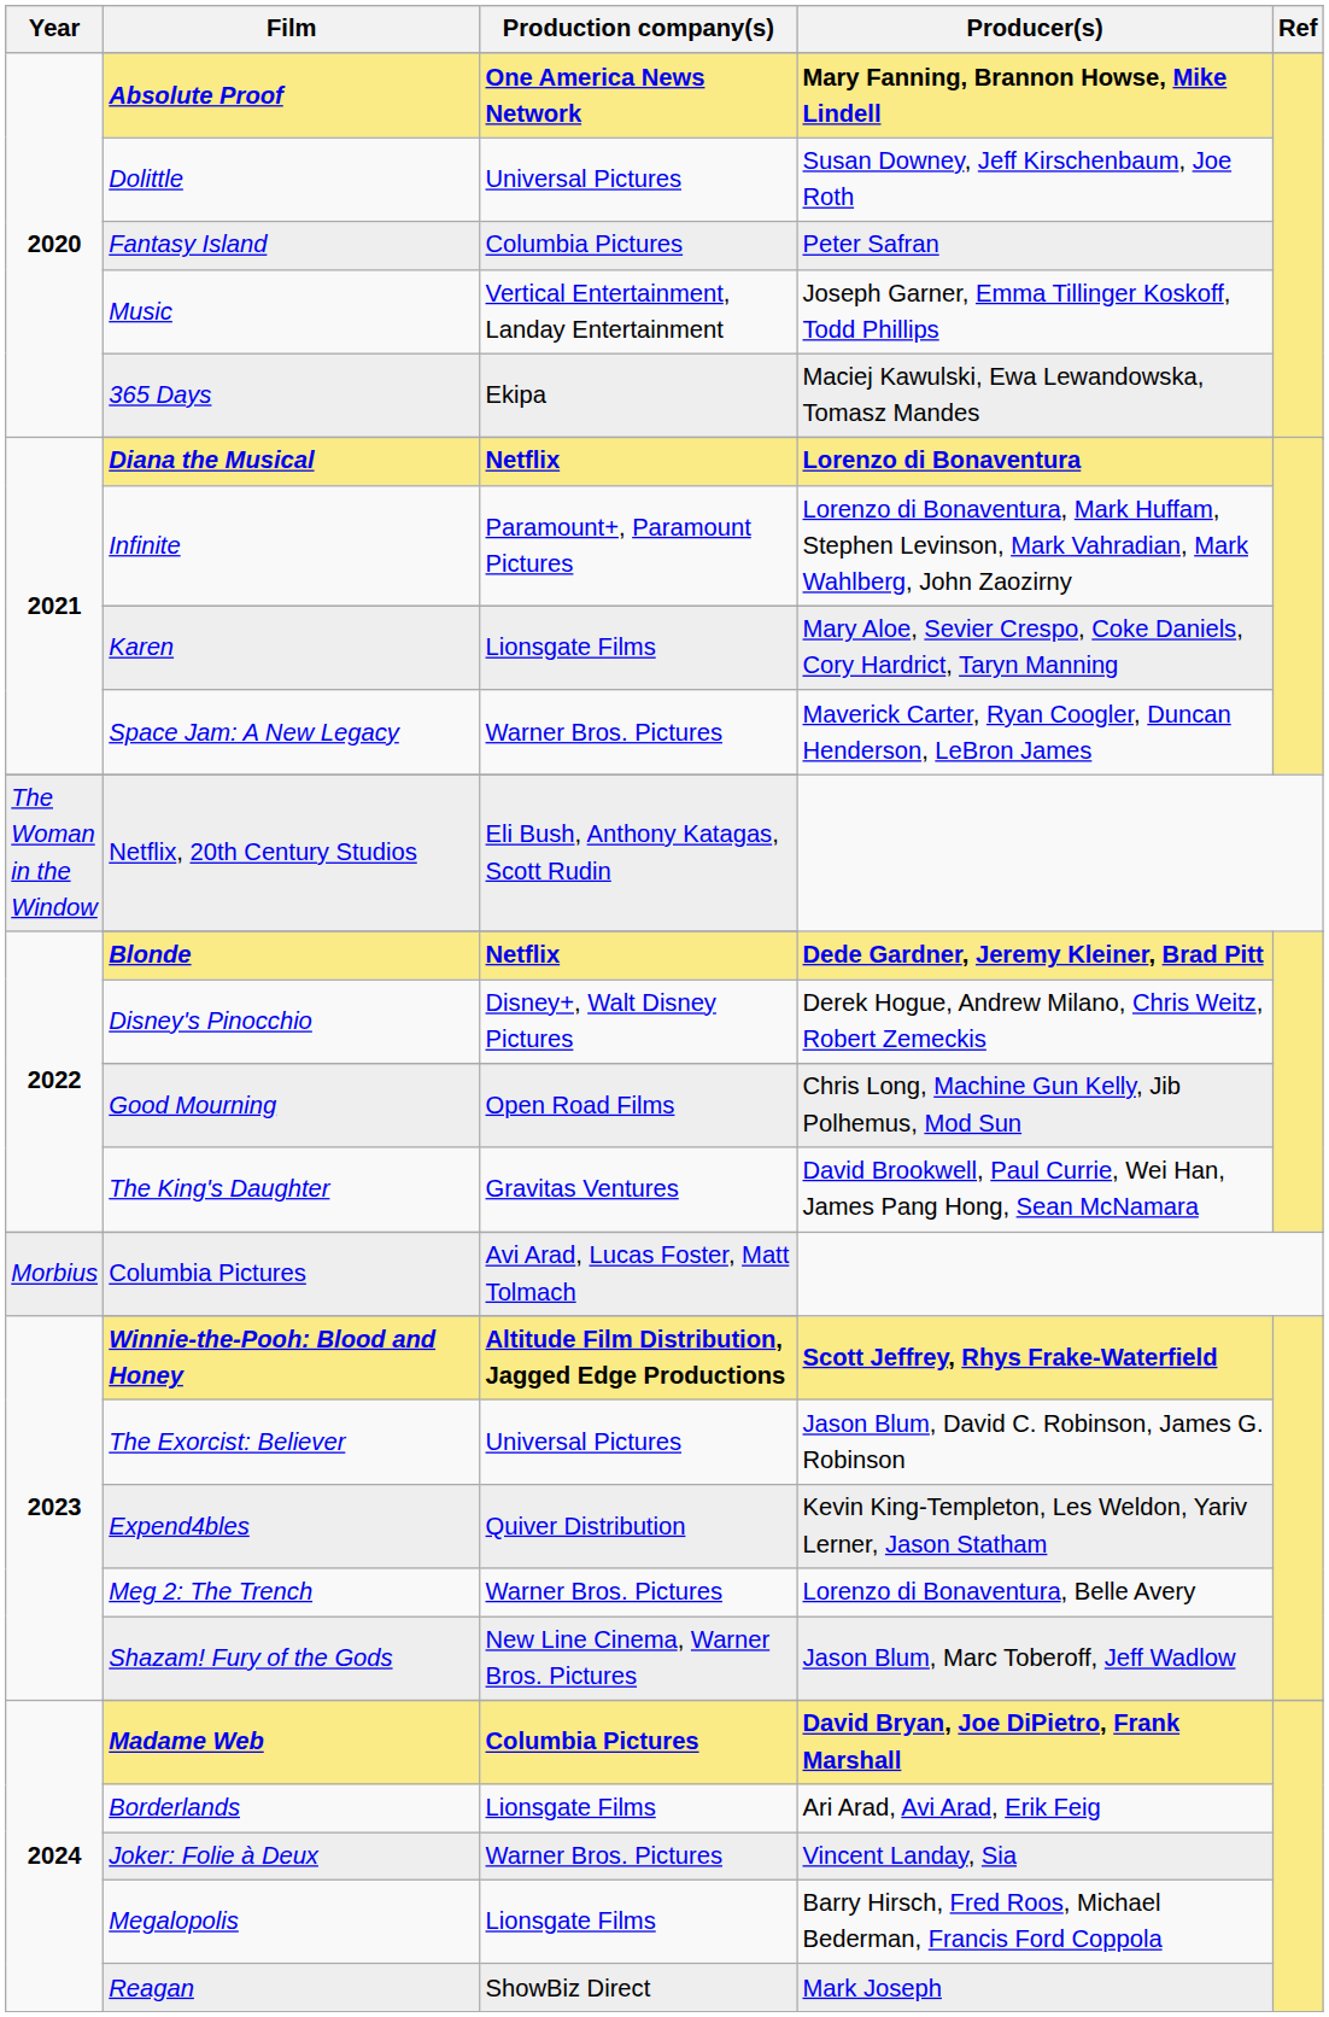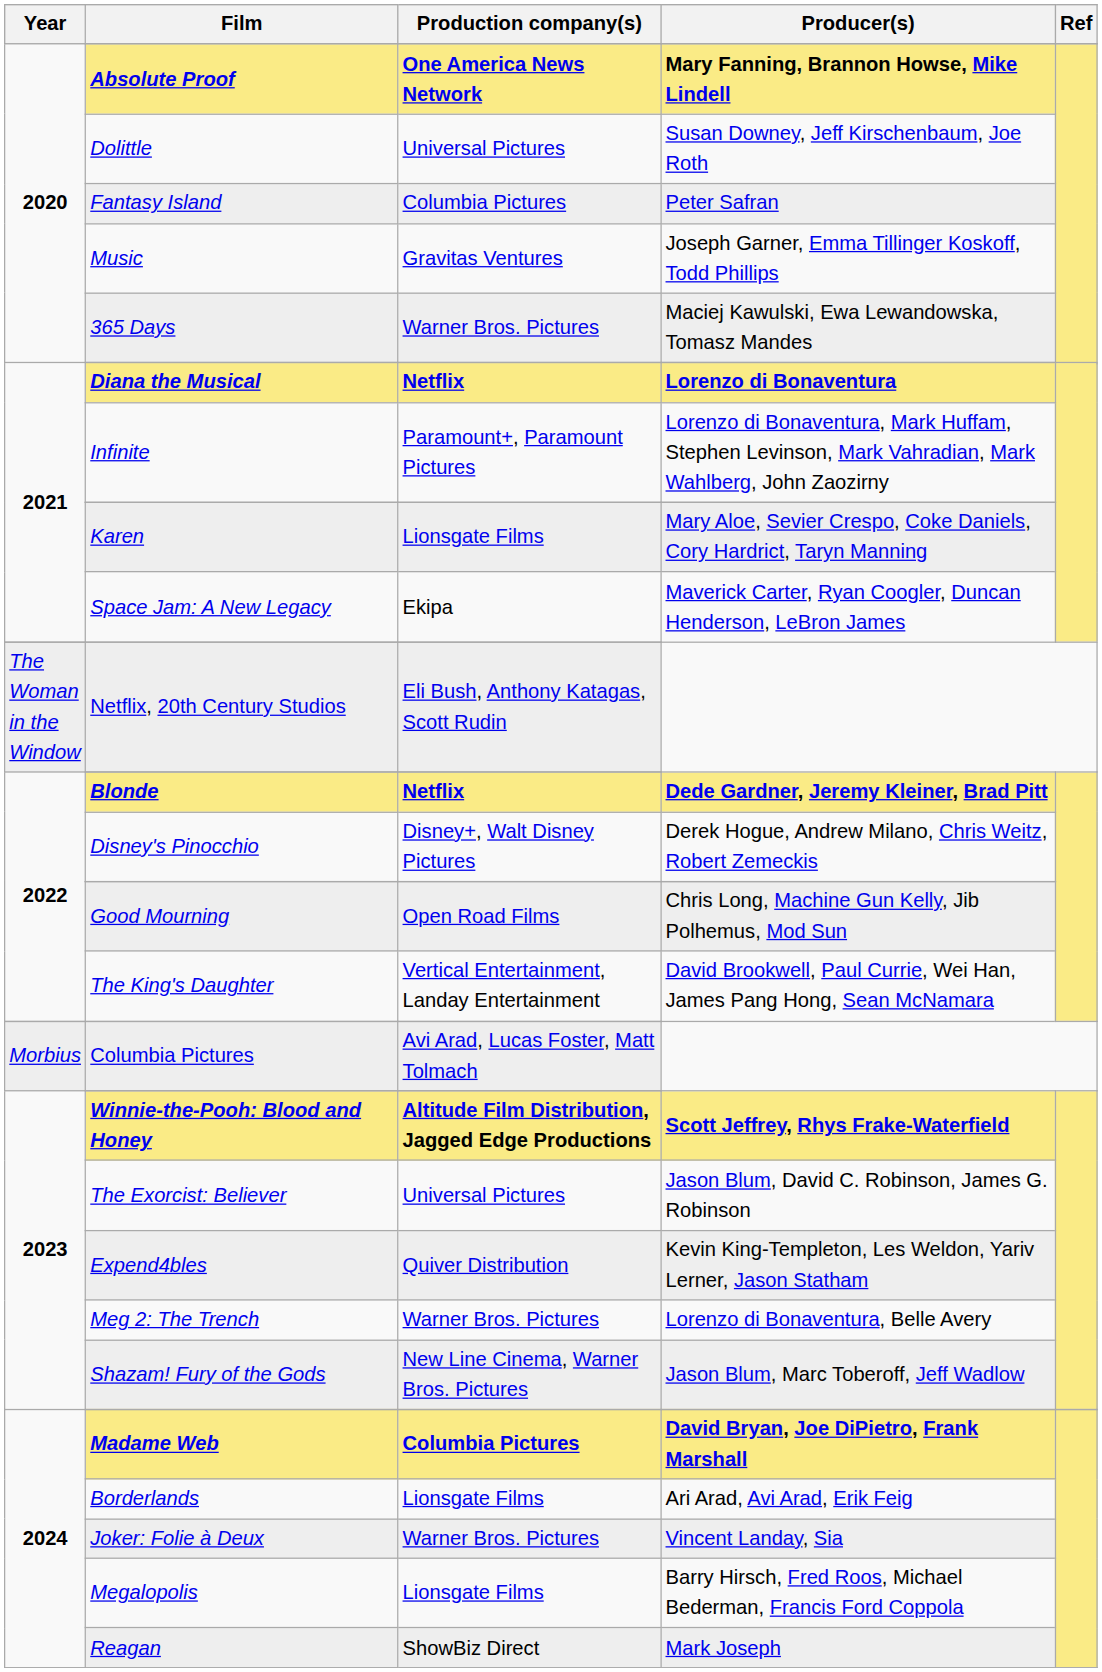 <table class="wikitable sortable" style="font-size:1.00em; line-height:1.5em;">
 <tr bgcolor="#bebebe">
 <th style="width:7%;">Year</th>
 <th style="width:30%;">Film</th>
 <th style="width:25%;">Production company(s)</th>
 <th style="width:40%;">Producer(s)</th>
 <th style="width:10%;">Ref</th>
 </tr>
 <tr>
 <td rowspan=6 style="text-align:center"><strong>2020</strong><br></td>
 </tr>
 <tr style="background:#FAEB86">
 <td><strong><em><a href='#'>Absolute Proof</a></em></strong></td>
 <td><strong><a href='#'>One America News Network</a></strong></td>
 <td><strong>Mary Fanning, Brannon Howse, <a href='#'>Mike Lindell</a></strong></td>
 <td rowspan=6></td>
 </tr>
 <tr>
 <td><em><a href='#'>Dolittle</a></em></td>
 <td><a href='#'>Universal Pictures</a></td>
 <td><a href='#'>Susan Downey</a>, <a href='#'>Jeff Kirschenbaum</a>, <a href='#'>Joe Roth</a></td>
 </tr>
 <tr style="background:#eee;">
 <td><em><a href='#'>Fantasy Island</a></em></td>
 <td><a href='#'>Columbia Pictures</a></td>
 <td><a href='#'>Peter Safran</a></td>
 </tr>
 <tr>
 <td><em><a href='#'>Music</a></em></td>
-<td><a href='#'>Vertical Entertainment</a>, Landay Entertainment</td>
+<td><a href='#'>Gravitas Ventures</a></td>
 <td>Joseph Garner, <a href='#'>Emma Tillinger Koskoff</a>, <a href='#'>Todd Phillips</a></td>
 </tr>
 <tr style="background:#eee;">
 <td><em><a href='#'>365 Days</a></em></td>
-<td>Ekipa</td>
+<td><a href='#'>Warner Bros. Pictures</a></td>
 <td>Maciej Kawulski, Ewa Lewandowska, Tomasz Mandes</td>
 </tr>
 <tr>
 <td rowspan=6 style="text-align:center"><strong>2021</strong><br></td>
 </tr>
 <tr style="background:#FAEB86">
 <td><strong><em><a href='#'>Diana the Musical</a></em></strong></td>
 <td><strong><a href='#'>Netflix</a></strong></td>
 <td><strong><a href='#'>Lorenzo di Bonaventura</a></strong></td>
 <td rowspan=6></td>
 </tr>
 <tr>
 <td><em><a href='#'>Infinite</a></em></td>
 <td><a href='#'>Paramount+</a>, <a href='#'>Paramount Pictures</a></td>
 <td><a href='#'>Lorenzo di Bonaventura</a>, <a href='#'>Mark Huffam</a>, Stephen Levinson, <a href='#'>Mark Vahradian</a>, <a href='#'>Mark Wahlberg</a>, John Zaozirny</td>
 </tr>
 <tr>
 </tr>
 <tr style="background:#eee;">
 <td><em><a href='#'>Karen</a></em></td>
 <td><a href='#'>Lionsgate Films</a></td>
 <td><a href='#'>Mary Aloe</a>, <a href='#'>Sevier Crespo</a>, <a href='#'>Coke Daniels</a>, <a href='#'>Cory Hardrict</a>, <a href='#'>Taryn Manning</a></td>
 </tr>
 <tr>
 <td><em><a href='#'>Space Jam: A New Legacy</a></em></td>
-<td><a href='#'>Warner Bros. Pictures</a></td>
+<td>Ekipa</td>
 <td><a href='#'>Maverick Carter</a>, <a href='#'>Ryan Coogler</a>, <a href='#'>Duncan Henderson</a>, <a href='#'>LeBron James</a></td>
 </tr>
 <tr>
 </tr>
 <tr style="background:#eee;">
 <td><em><a href='#'>The Woman in the Window</a></em></td>
 <td><a href='#'>Netflix</a>, <a href='#'>20th Century Studios</a></td>
 <td><a href='#'>Eli Bush</a>, <a href='#'>Anthony Katagas</a>, <a href='#'>Scott Rudin</a></td>
 </tr>
 <tr>
 <td rowspan=6 style="text-align:center"><strong>2022</strong><br></td>
 </tr>
 <tr style="background:#FAEB86">
 <td><strong><em><a href='#'>Blonde</a></em></strong></td>
 <td><strong><a href='#'>Netflix</a></strong></td>
 <td><strong><a href='#'>Dede Gardner</a>, <a href='#'>Jeremy Kleiner</a>, <a href='#'>Brad Pitt</a></strong></td>
 <td rowspan=5></td>
 </tr>
 <tr>
 <td><em><a href='#'>Disney's Pinocchio</a></em></td>
 <td><a href='#'>Disney+</a>, <a href='#'>Walt Disney Pictures</a></td>
 <td>Derek Hogue, Andrew Milano, <a href='#'>Chris Weitz</a>, <a href='#'>Robert Zemeckis</a></td>
 </tr>
 <tr>
 </tr>
 <tr style="background:#eee;">
 <td><em><a href='#'>Good Mourning</a></em></td>
 <td><a href='#'>Open Road Films</a></td>
 <td>Chris Long, <a href='#'>Machine Gun Kelly</a>, Jib Polhemus, <a href='#'>Mod Sun</a></td>
 </tr>
 <tr>
 <td><em><a href='#'>The King's Daughter</a></em></td>
-<td><a href='#'>Gravitas Ventures</a></td>
+<td><a href='#'>Vertical Entertainment</a>, Landay Entertainment</td>
 <td><a href='#'>David Brookwell</a>, <a href='#'>Paul Currie</a>, Wei Han, James Pang Hong, <a href='#'>Sean McNamara</a></td>
 </tr>
 <tr>
 </tr>
 <tr style="background:#eee;">
 <td><em><a href='#'>Morbius</a></em></td>
 <td><a href='#'>Columbia Pictures</a></td>
 <td><a href='#'>Avi Arad</a>, <a href='#'>Lucas Foster</a>, <a href='#'>Matt Tolmach</a></td>
 </tr>
 <tr>
 <td rowspan=6 style="text-align:center"><strong>2023</strong><br></td>
 </tr>
 <tr style="background:#FAEB86">
 <td><strong><em><a href='#'>Winnie-the-Pooh: Blood and Honey</a></em></strong></td>
 <td><strong><a href='#'>Altitude Film Distribution</a>, Jagged Edge Productions</strong></td>
 <td><strong><a href='#'>Scott Jeffrey</a>, <a href='#'>Rhys Frake-Waterfield</a></strong></td>
 <td rowspan=5></td>
 </tr>
 <tr>
 <td><em><a href='#'>The Exorcist: Believer</a></em></td>
 <td><a href='#'>Universal Pictures</a></td>
 <td><a href='#'>Jason Blum</a>, David C. Robinson, James G. Robinson</td>
 </tr>
 <tr style="background:#eee;">
 <td><em><a href='#'>Expend4bles</a></em></td>
 <td><a href='#'>Quiver Distribution</a></td>
 <td>Kevin King-Templeton, Les Weldon, Yariv Lerner, <a href='#'>Jason Statham</a></td>
 </tr>
 <tr>
 <td><em><a href='#'>Meg 2: The Trench</a></em></td>
 <td><a href='#'>Warner Bros. Pictures</a></td>
 <td><a href='#'>Lorenzo di Bonaventura</a>, Belle Avery</td>
 </tr>
 <tr style="background:#eee;">
 <td><em><a href='#'>Shazam! Fury of the Gods</a></em></td>
 <td><a href='#'>New Line Cinema</a>, <a href='#'>Warner Bros. Pictures</a></td>
 <td><a href='#'>Jason Blum</a>, Marc Toberoff, <a href='#'>Jeff Wadlow</a></td>
 </tr>
 <tr>
 <td rowspan="6" style="text-align:center"><strong>2024</strong><br></td>
 </tr>
 <tr style="background:#FAEB86">
 <td><strong><em><a href='#'>Madame Web</a></em></strong></td>
 <td><strong><a href='#'>Columbia Pictures</a></strong></td>
 <td><strong><a href='#'>David Bryan</a>, <a href='#'>Joe DiPietro</a>, <a href='#'>Frank Marshall</a></strong></td>
 <td rowspan="5"></td>
 </tr>
 <tr>
 <td><em><a href='#'>Borderlands</a></em></td>
 <td><a href='#'>Lionsgate Films</a></td>
 <td>Ari Arad, <a href='#'>Avi Arad</a>, <a href='#'>Erik Feig</a></td>
 </tr>
 <tr style="background:#eee;">
 <td><em><a href='#'>Joker: Folie à Deux</a></em></td>
 <td><a href='#'>Warner Bros. Pictures</a></td>
 <td><a href='#'>Vincent Landay</a>, <a href='#'>Sia</a></td>
 </tr>
 <tr>
 <td><em><a href='#'>Megalopolis</a></em></td>
 <td><a href='#'>Lionsgate Films</a></td>
 <td>Barry Hirsch, <a href='#'>Fred Roos</a>, Michael Bederman, <a href='#'>Francis Ford Coppola</a></td>
 </tr>
 <tr style="background:#eee;">
 <td><em><a href='#'>Reagan</a></em></td>
 <td>ShowBiz Direct</td>
 <td><a href='#'>Mark Joseph</a></td>
 </tr>
 <tr>
 </tr>
 </table>
